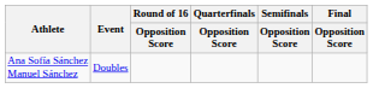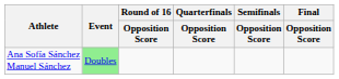 <table class="wikitable" border="1" style="font-size:90%">
 <tr>
 <th rowspan=2>Athlete</th>
 <th rowspan=2>Event</th>
 <th>Round of 16</th>
 <th>Quarterfinals</th>
 <th>Semifinals</th>
 <th colspan=2>Final</th>
 </tr>
 <tr>
 <th>Opposition<br>Score</th>
 <th>Opposition<br>Score</th>
 <th>Opposition<br>Score</th>
 <th>Opposition<br>Score</th>
 </tr>
 <tr>
 <td><a href='#'>Ana Sofía Sánchez</a><br><a href='#'>Manuel Sánchez</a></td>
-<td><a href='#'>Doubles</a></td>
+<td style="background: lightgreen;"><a href='#'>Doubles</a></td>
 <td align=center></td>
 <td align=center></td>
 <td align=center></td>
 <td align=center></td>
 </tr>
 </table>
